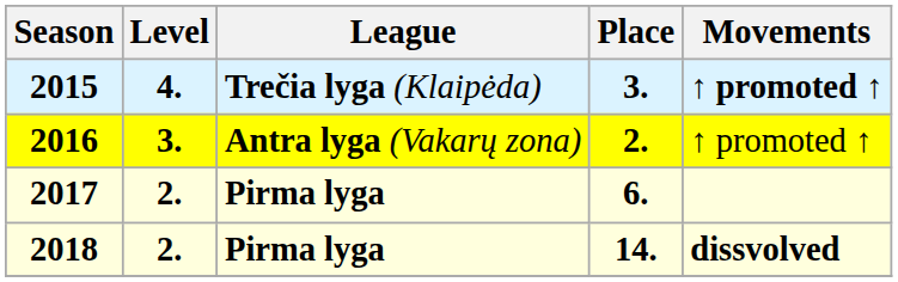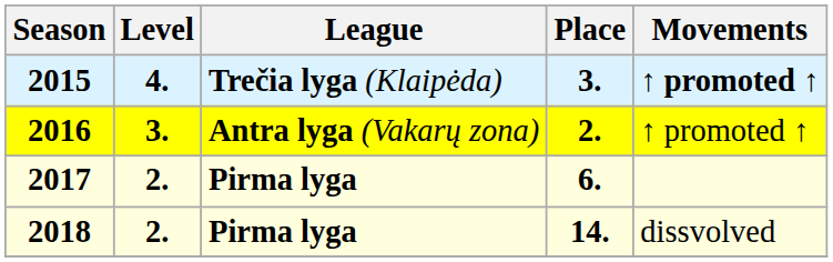 <table class="wikitable">
 <tr>
 <th>Season</th>
 <th>Level</th>
 <th>League</th>
 <th>Place</th>
 <th>Movements</th>
 </tr>
 <tr>
 <td bgcolor="#dbf3ff" style="text-align:center;"><strong>2015</strong></td>
 <td bgcolor="#dbf3ff" style="text-align:center;"><strong>4.</strong></td>
 <td style="background:#dbf3ff;"><strong>Trečia lyga</strong> <em>(Klaipėda)</em></td>
 <td bgcolor="#dbf3ff" style="text-align:center;"><strong>3.</strong></td>
 <td style="background:#dbf3ff;"><strong>↑ promoted ↑</strong></td>
 </tr>
 <tr>
 <td bgcolor="#ffff00" style="text-align:center;"><strong>2016</strong></td>
 <td bgcolor="#ffff00" style="text-align:center;"><strong>3.</strong></td>
 <td style="background:#FFFF00;"><strong>Antra lyga</strong> <em>(Vakarų zona)</em></td>
 <td bgcolor="#ffff00" style="text-align:center;"><strong>2.</strong></td>
 <td style="background:#FFFF00;">↑ promoted ↑</td>
 </tr>
 <tr>
 <td bgcolor="#ffffdd" style="text-align:center;"><strong>2017</strong></td>
 <td bgcolor="#ffffdd" style="text-align:center;"><strong>2.</strong></td>
 <td style="background:#FFFFdd;"><strong>Pirma lyga</strong></td>
 <td bgcolor="#ffffdd" style="text-align:center;"><strong>6.</strong></td>
 <td style="background:#FFFFdd;"></td>
 </tr>
 <tr>
 <td bgcolor="#ffffdd" style="text-align:center;"><strong>2018</strong></td>
 <td bgcolor="#ffffdd" style="text-align:center;"><strong>2.</strong></td>
 <td style="background:#FFFFdd;"><strong>Pirma lyga</strong></td>
 <td bgcolor="#ffffdd" style="text-align:center;"><strong>14.</strong></td>
-<td style="background:#FFFFdd;"><strong>dissvolved</strong></td>
+<td style="background:#FFFFdd;">dissvolved</td>
 </tr>
 <tr>
 </tr>
 </table>
